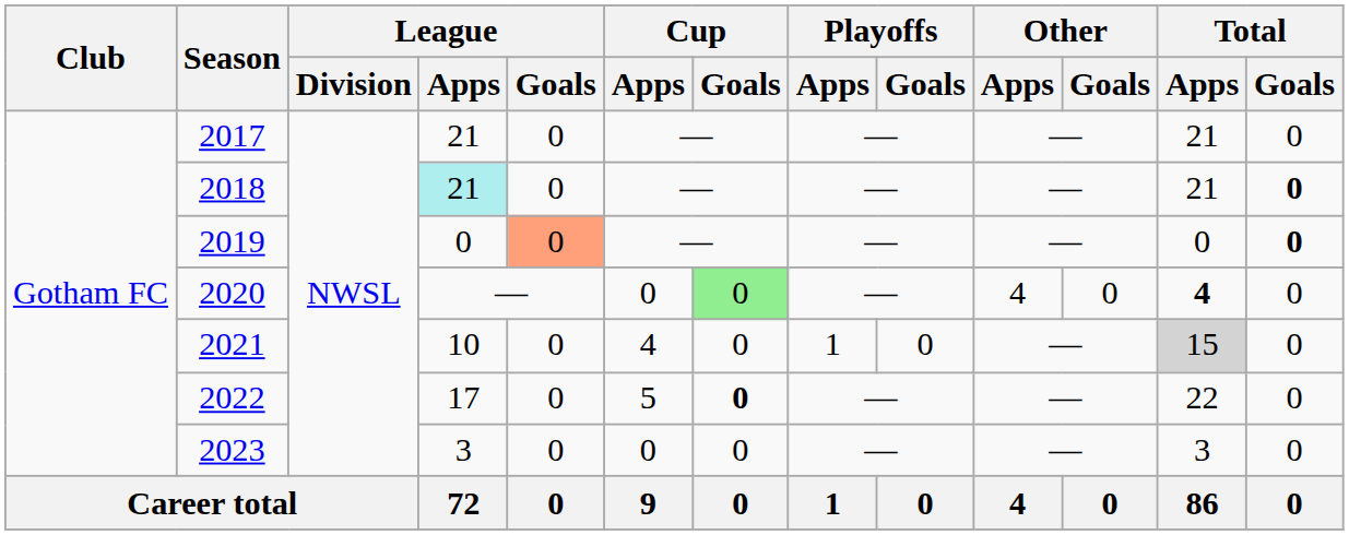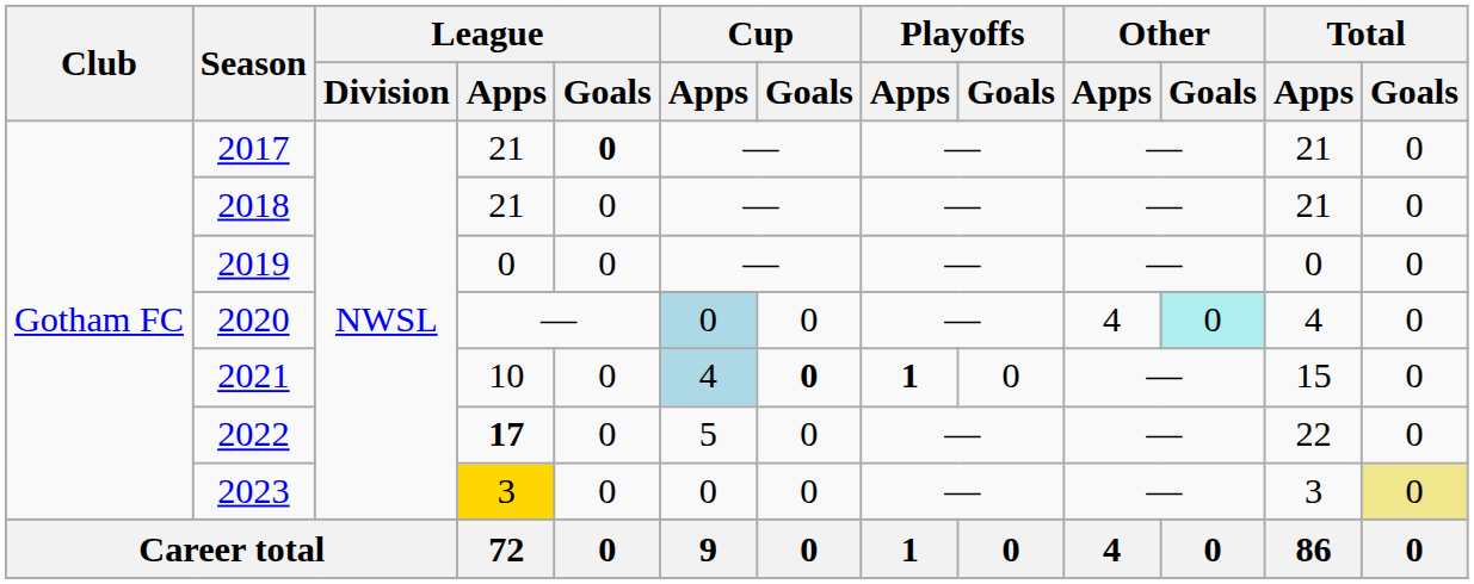 <table class="wikitable" style="text-align: center;">
 <tr>
 <th rowspan="2">Club</th>
 <th rowspan="2">Season</th>
 <th colspan="3">League</th>
 <th colspan="2">Cup</th>
 <th colspan="2">Playoffs</th>
 <th colspan="2">Other</th>
 <th colspan="2">Total</th>
 </tr>
 <tr>
 <th>Division</th>
 <th>Apps</th>
 <th>Goals</th>
 <th>Apps</th>
 <th>Goals</th>
 <th>Apps</th>
 <th>Goals</th>
 <th>Apps</th>
 <th>Goals</th>
 <th>Apps</th>
 <th>Goals</th>
 </tr>
 <tr>
 <td rowspan="7"><a href='#'>Gotham FC</a></td>
 <td><a href='#'>2017</a></td>
 <td rowspan="7"><a href='#'>NWSL</a></td>
 <td>21</td>
+<td><strong>0</strong></td>
+<td colspan="2">—</td>
+<td colspan="2">—</td>
+<td colspan="2">—</td>
+<td>21</td>
+<td>0</td>
+</tr>
+<tr>
+<td><a href='#'>2018</a></td>
+<td>21</td>
 <td>0</td>
 <td colspan="2">—</td>
 <td colspan="2">—</td>
 <td colspan="2">—</td>
 <td>21</td>
 <td>0</td>
 </tr>
 <tr>
-<td><a href='#'>2018</a></td>
-<td style="background: paleturquoise;">21</td>
+<td><a href='#'>2019</a></td>
+<td>0</td>
 <td>0</td>
 <td colspan="2">—</td>
 <td colspan="2">—</td>
 <td colspan="2">—</td>
-<td>21</td>
-<td><strong>0</strong></td>
-</tr>
-<tr>
-<td><a href='#'>2019</a></td>
 <td>0</td>
-<td style="background: lightsalmon;">0</td>
-<td colspan="2">—</td>
-<td colspan="2">—</td>
-<td colspan="2">—</td>
 <td>0</td>
-<td><strong>0</strong></td>
 </tr>
 <tr>
 <td><a href='#'>2020</a></td>
 <td colspan="2">—</td>
+<td style="background: lightblue;">0</td>
 <td>0</td>
-<td style="background: lightgreen;">0</td>
 <td colspan="2">—</td>
 <td>4</td>
-<td>0</td>
-<td><strong>4</strong></td>
+<td style="background: paleturquoise;">0</td>
+<td>4</td>
 <td>0</td>
 </tr>
 <tr>
 <td><a href='#'>2021</a></td>
 <td>10</td>
 <td>0</td>
-<td>4</td>
-<td>0</td>
-<td>1</td>
+<td style="background: lightblue;">4</td>
+<td><strong>0</strong></td>
+<td><strong>1</strong></td>
 <td>0</td>
 <td colspan="2">—</td>
-<td style="background: lightgrey;">15</td>
+<td>15</td>
 <td>0</td>
 </tr>
 <tr>
 <td><a href='#'>2022</a></td>
-<td>17</td>
+<td><strong>17</strong></td>
 <td>0</td>
 <td>5</td>
-<td><strong>0</strong></td>
+<td>0</td>
 <td colspan="2">—</td>
 <td colspan="2">—</td>
 <td>22</td>
 <td>0</td>
 </tr>
 <tr>
 <td><a href='#'>2023</a></td>
-<td>3</td>
+<td style="background: gold;">3</td>
 <td>0</td>
 <td>0</td>
 <td>0</td>
 <td colspan="2">—</td>
 <td colspan="2">—</td>
 <td>3</td>
-<td>0</td>
+<td style="background: khaki;">0</td>
 </tr>
 <tr>
 <th colspan="3">Career total</th>
 <th>72</th>
 <th>0</th>
 <th>9</th>
 <th>0</th>
 <th>1</th>
 <th>0</th>
 <th>4</th>
 <th>0</th>
 <th>86</th>
 <th>0</th>
 </tr>
 </table>
